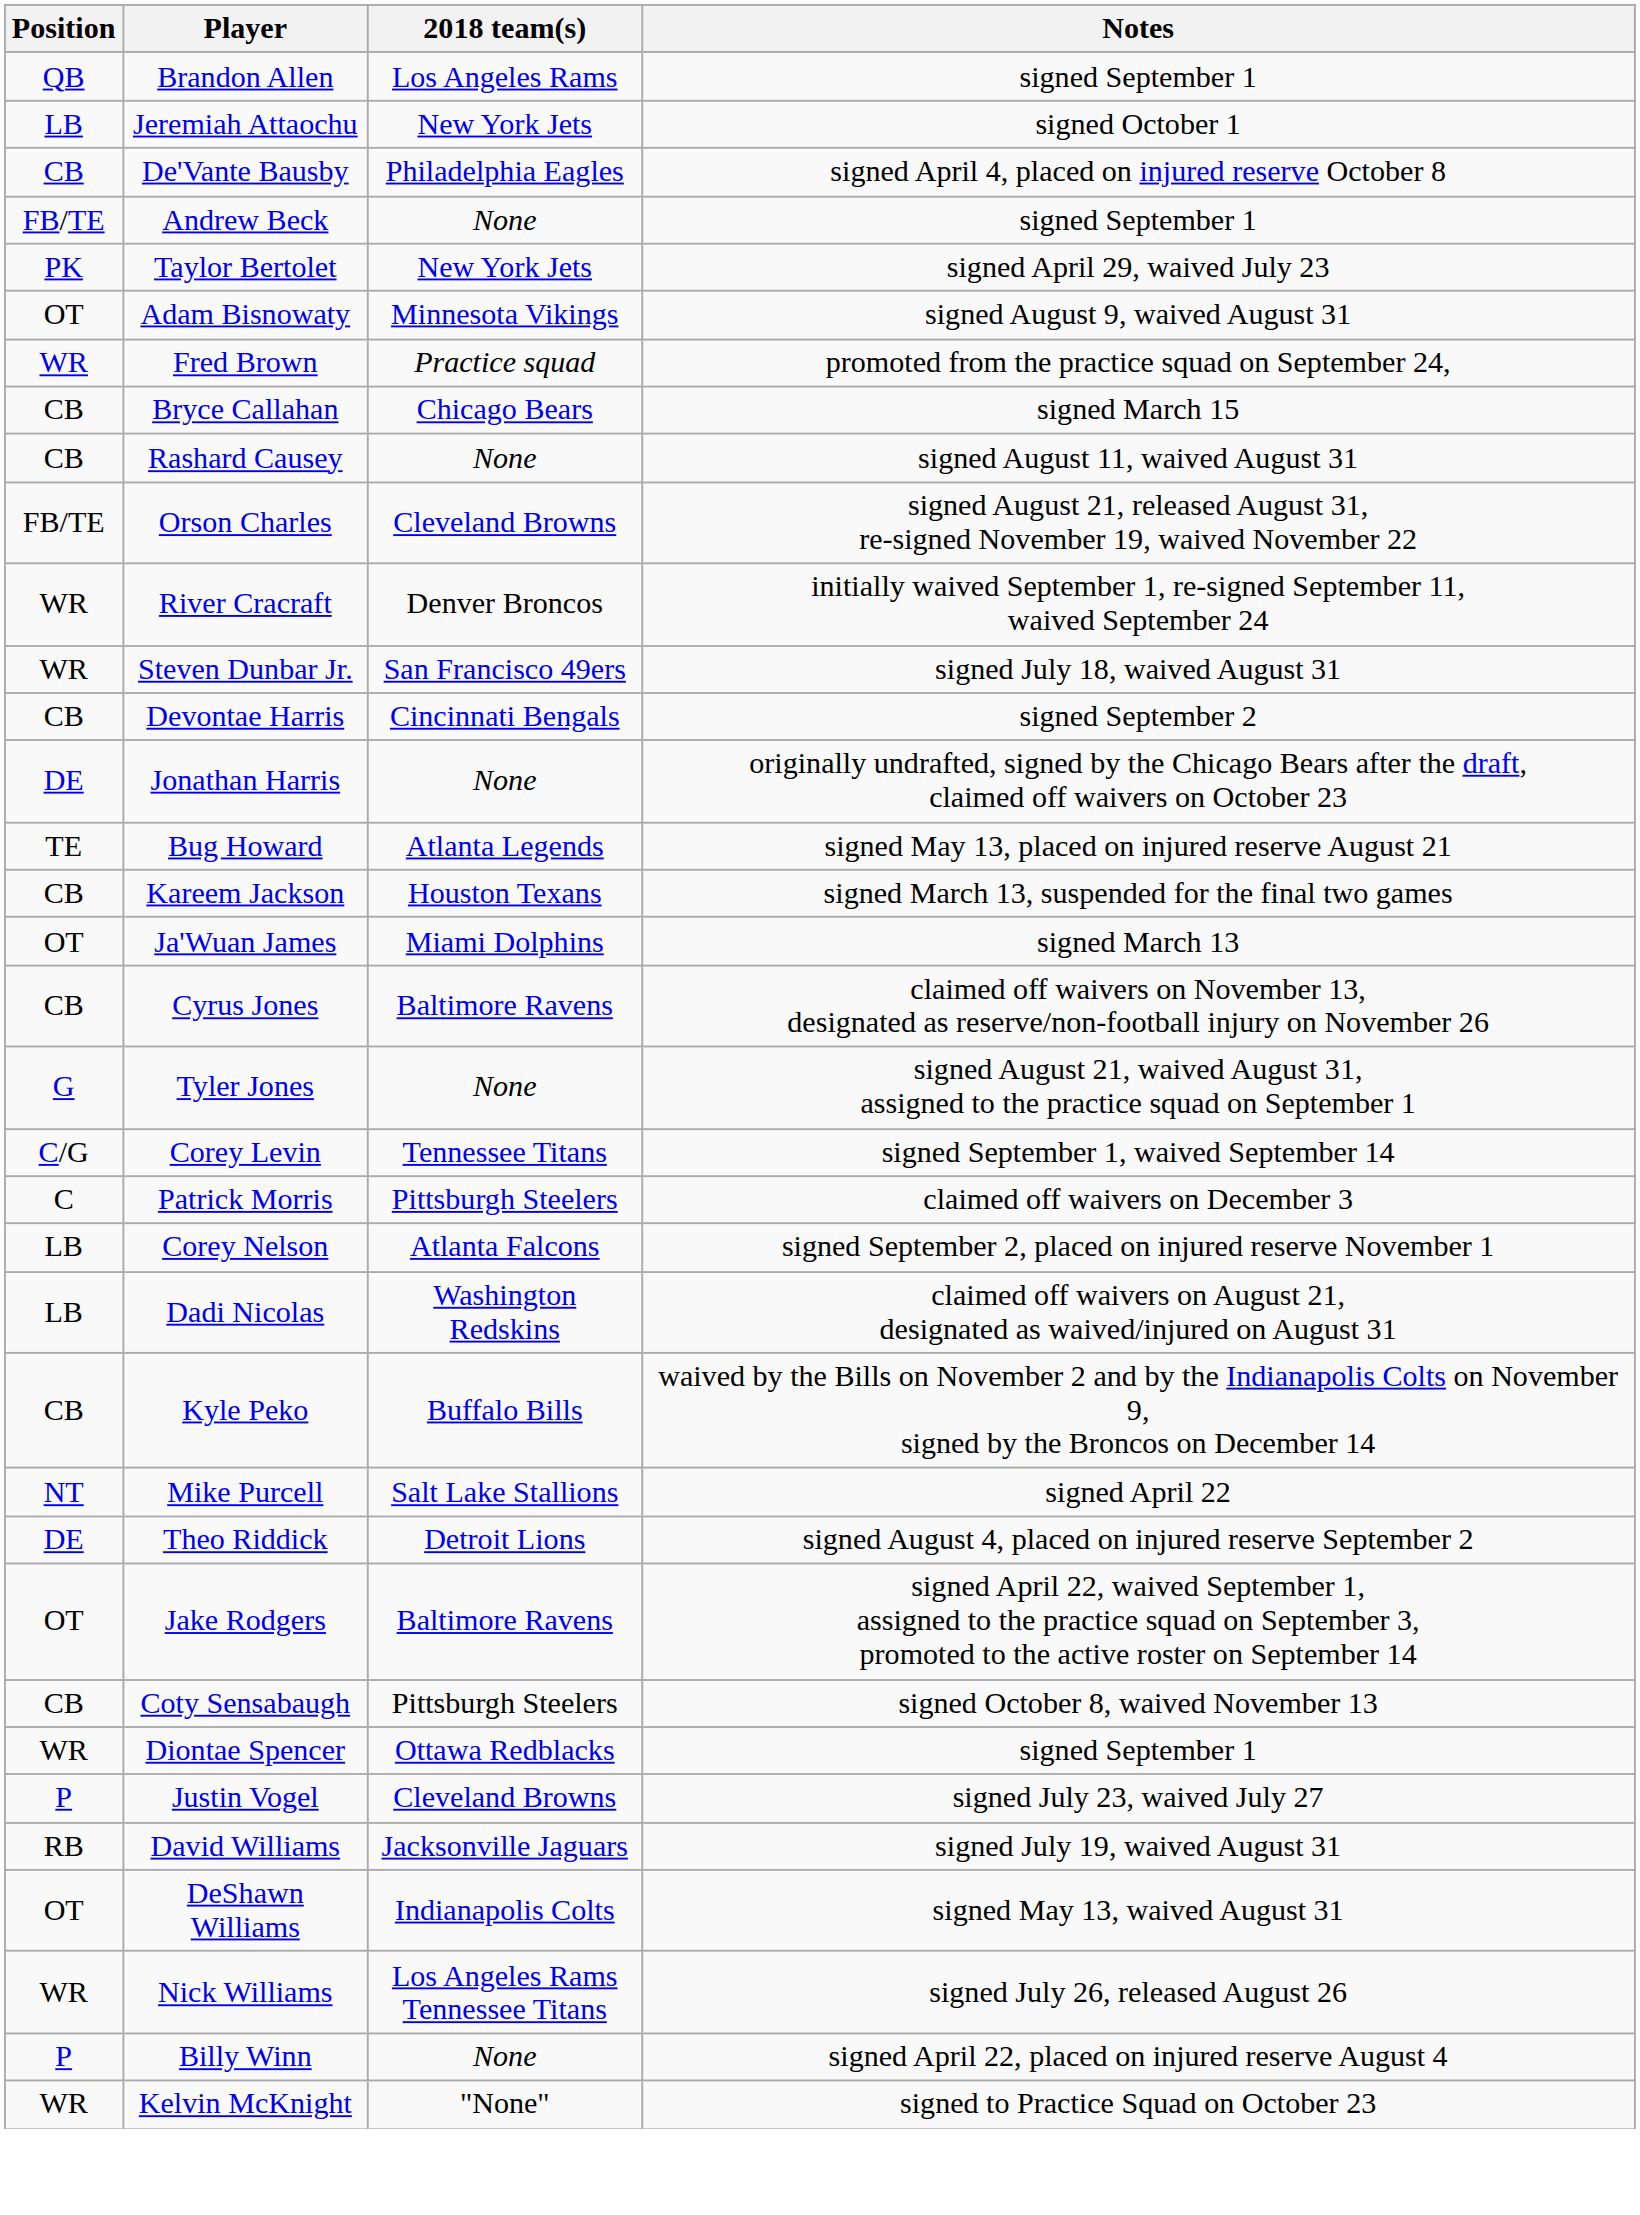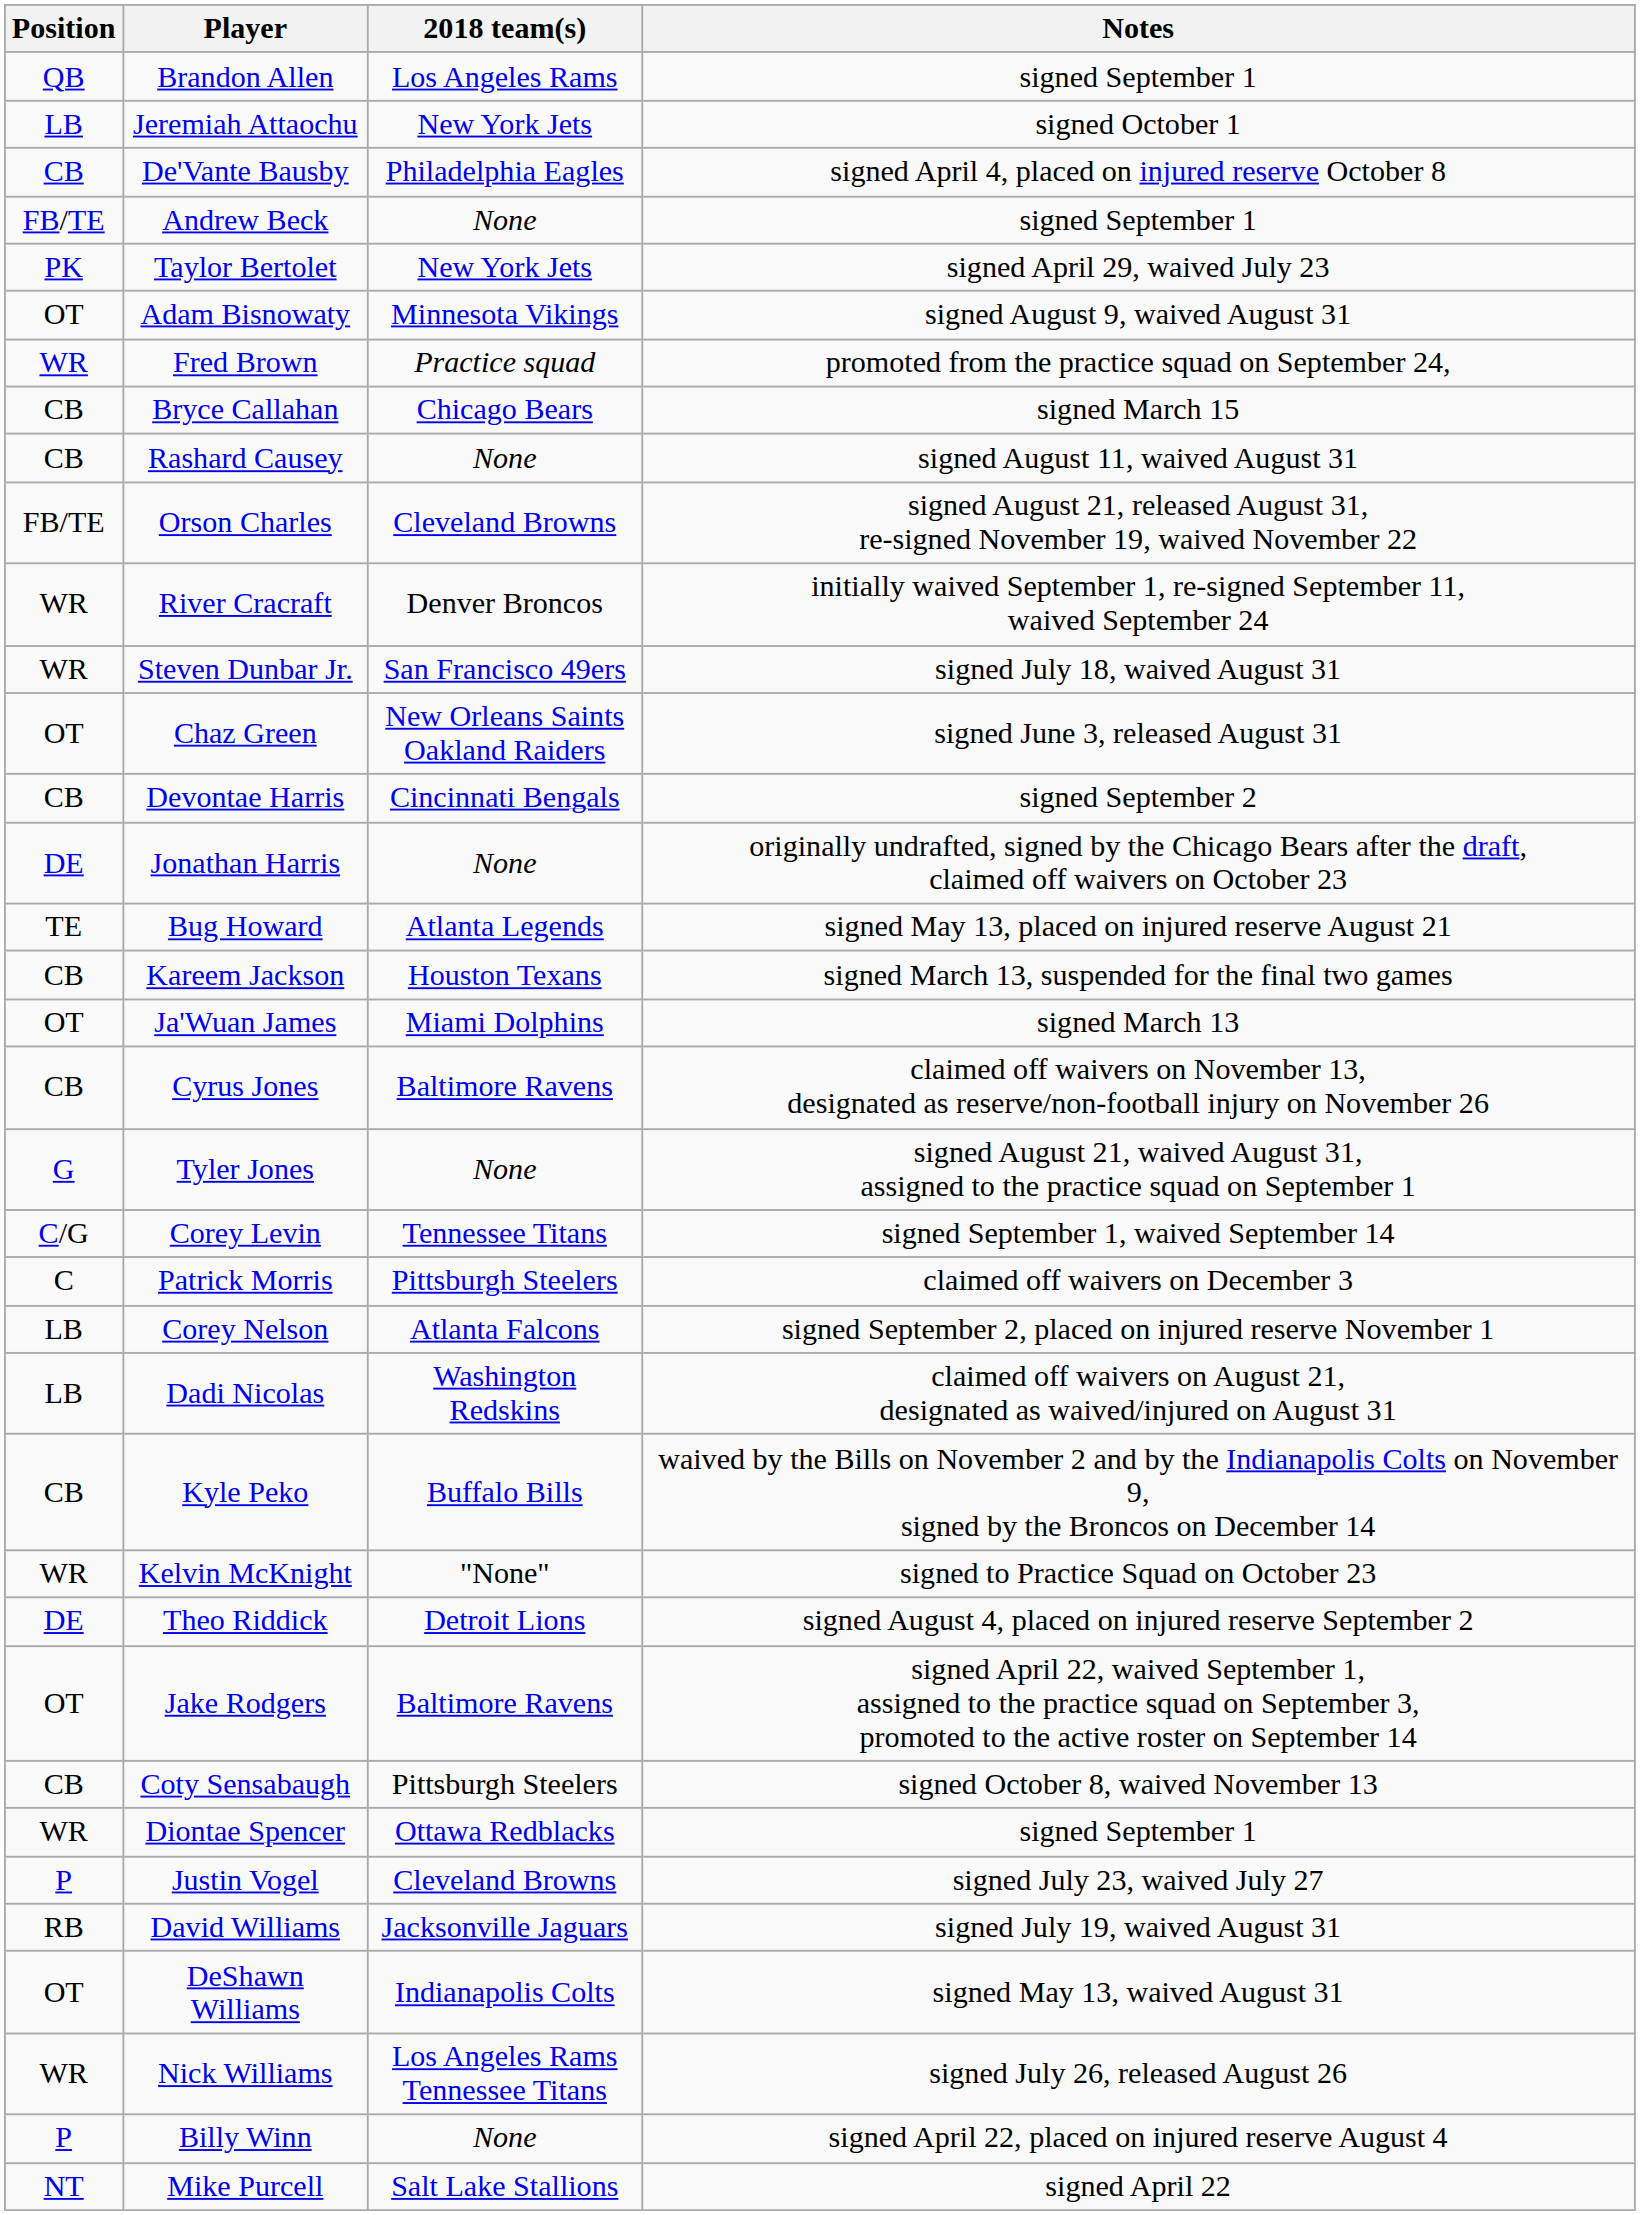 <table class="wikitable" style="text-align:center">
 <tr>
 <th>Position</th>
 <th>Player</th>
 <th>2018 team(s)</th>
 <th>Notes</th>
 </tr>
 <tr>
 <td><a href='#'>QB</a></td>
 <td><a href='#'>Brandon Allen</a></td>
 <td><a href='#'>Los Angeles Rams</a></td>
 <td>signed September 1</td>
 </tr>
 <tr>
 <td><a href='#'>LB</a></td>
 <td><a href='#'>Jeremiah Attaochu</a></td>
 <td><a href='#'>New York Jets</a></td>
 <td>signed October 1</td>
 </tr>
 <tr>
 <td><a href='#'>CB</a></td>
 <td><a href='#'>De'Vante Bausby</a></td>
 <td><a href='#'>Philadelphia Eagles</a></td>
 <td>signed April 4, placed on <a href='#'>injured reserve</a> October 8</td>
 </tr>
 <tr>
 <td><a href='#'>FB</a>/<a href='#'>TE</a></td>
 <td><a href='#'>Andrew Beck</a></td>
 <td><em>None</em></td>
 <td>signed September 1</td>
 </tr>
 <tr>
 <td><a href='#'>PK</a></td>
 <td><a href='#'>Taylor Bertolet</a></td>
 <td><a href='#'>New York Jets</a></td>
 <td>signed April 29, waived July 23</td>
 </tr>
 <tr>
 <td>OT</td>
 <td><a href='#'>Adam Bisnowaty</a></td>
 <td><a href='#'>Minnesota Vikings</a></td>
 <td>signed August 9, waived August 31</td>
 </tr>
 <tr>
 <td><a href='#'>WR</a></td>
 <td><a href='#'>Fred Brown</a></td>
 <td><em>Practice squad</em></td>
 <td>promoted from the practice squad on September 24,</td>
 </tr>
 <tr>
 <td>CB</td>
 <td><a href='#'>Bryce Callahan</a></td>
 <td><a href='#'>Chicago Bears</a></td>
 <td>signed March 15</td>
 </tr>
 <tr>
 <td>CB</td>
 <td><a href='#'>Rashard Causey</a></td>
 <td><em>None</em></td>
 <td>signed August 11, waived August 31</td>
 </tr>
 <tr>
 <td>FB/TE</td>
 <td><a href='#'>Orson Charles</a></td>
 <td><a href='#'>Cleveland Browns</a></td>
 <td>signed August 21, released August 31,<br>re-signed November 19, waived November 22</td>
 </tr>
 <tr>
 <td>WR</td>
 <td><a href='#'>River Cracraft</a></td>
 <td>Denver Broncos</td>
 <td>initially waived September 1, re-signed September 11,<br>waived September 24</td>
 </tr>
 <tr>
 <td>WR</td>
 <td><a href='#'>Steven Dunbar Jr.</a></td>
 <td><a href='#'>San Francisco 49ers</a></td>
 <td>signed July 18, waived August 31</td>
 </tr>
 <tr>
+<td>OT</td>
+<td><a href='#'>Chaz Green</a></td>
+<td><a href='#'>New Orleans Saints</a><br><a href='#'>Oakland Raiders</a></td>
+<td>signed June 3, released August 31</td>
+</tr>
+<tr>
 <td>CB</td>
 <td><a href='#'>Devontae Harris</a></td>
 <td><a href='#'>Cincinnati Bengals</a></td>
 <td>signed September 2</td>
 </tr>
 <tr>
 <td><a href='#'>DE</a></td>
 <td><a href='#'>Jonathan Harris</a></td>
 <td><em>None</em></td>
 <td>originally undrafted, signed by the Chicago Bears after the <a href='#'>draft</a>,<br>claimed off waivers on October 23</td>
 </tr>
 <tr>
 <td>TE</td>
 <td><a href='#'>Bug Howard</a></td>
 <td><a href='#'>Atlanta Legends</a></td>
 <td>signed May 13, placed on injured reserve August 21</td>
 </tr>
 <tr>
 <td>CB</td>
 <td><a href='#'>Kareem Jackson</a></td>
 <td><a href='#'>Houston Texans</a></td>
 <td>signed March 13, suspended for the final two games</td>
 </tr>
 <tr>
 <td>OT</td>
 <td><a href='#'>Ja'Wuan James</a></td>
 <td><a href='#'>Miami Dolphins</a></td>
 <td>signed March 13</td>
 </tr>
 <tr>
 <td>CB</td>
 <td><a href='#'>Cyrus Jones</a></td>
 <td><a href='#'>Baltimore Ravens</a></td>
 <td>claimed off waivers on November 13,<br>designated as reserve/non-football injury on November 26</td>
 </tr>
 <tr>
 <td><a href='#'>G</a></td>
 <td><a href='#'>Tyler Jones</a></td>
 <td><em>None</em></td>
 <td>signed August 21, waived August 31,<br>assigned to the practice squad on September 1</td>
 </tr>
 <tr>
 <td><a href='#'>C</a>/G</td>
 <td><a href='#'>Corey Levin</a></td>
 <td><a href='#'>Tennessee Titans</a></td>
 <td>signed September 1, waived September 14</td>
 </tr>
 <tr>
 <td>C</td>
 <td><a href='#'>Patrick Morris</a></td>
 <td><a href='#'>Pittsburgh Steelers</a></td>
 <td>claimed off waivers on December 3</td>
 </tr>
 <tr>
 <td>LB</td>
 <td><a href='#'>Corey Nelson</a></td>
 <td><a href='#'>Atlanta Falcons</a></td>
 <td>signed September 2, placed on injured reserve November 1</td>
 </tr>
 <tr>
 <td>LB</td>
 <td><a href='#'>Dadi Nicolas</a></td>
 <td><a href='#'>Washington Redskins</a></td>
 <td>claimed off waivers on August 21,<br> designated as waived/injured on August 31</td>
 </tr>
 <tr>
 <td>CB</td>
 <td><a href='#'>Kyle Peko</a></td>
 <td><a href='#'>Buffalo Bills</a></td>
 <td>waived by the Bills on November 2 and by the <a href='#'>Indianapolis Colts</a> on November 9,<br>signed by the Broncos on December 14</td>
 </tr>
 <tr>
-<td><a href='#'>NT</a></td>
-<td><a href='#'>Mike Purcell</a></td>
-<td><a href='#'>Salt Lake Stallions</a></td>
-<td>signed April 22</td>
+<td>WR</td>
+<td><a href='#'>Kelvin McKnight</a></td>
+<td>"None"</td>
+<td>signed to Practice Squad on October 23</td>
 </tr>
 <tr>
 <td><a href='#'>DE</a></td>
 <td><a href='#'>Theo Riddick</a></td>
 <td><a href='#'>Detroit Lions</a></td>
 <td>signed August 4, placed on injured reserve September 2</td>
 </tr>
 <tr>
 <td>OT</td>
 <td><a href='#'>Jake Rodgers</a></td>
 <td><a href='#'>Baltimore Ravens</a></td>
 <td>signed April 22, waived September 1,<br>assigned to the practice squad on September 3,<br>promoted to the active roster on September 14</td>
 </tr>
 <tr>
 <td>CB</td>
 <td><a href='#'>Coty Sensabaugh</a></td>
 <td>Pittsburgh Steelers</td>
 <td>signed October 8, waived November 13</td>
 </tr>
 <tr>
 <td>WR</td>
 <td><a href='#'>Diontae Spencer</a></td>
 <td><a href='#'>Ottawa Redblacks</a></td>
 <td>signed September 1</td>
 </tr>
 <tr>
 <td><a href='#'>P</a></td>
 <td><a href='#'>Justin Vogel</a></td>
 <td><a href='#'>Cleveland Browns</a></td>
 <td>signed July 23, waived July 27</td>
 </tr>
 <tr>
 <td>RB</td>
 <td><a href='#'>David Williams</a></td>
 <td><a href='#'>Jacksonville Jaguars</a></td>
 <td>signed July 19, waived August 31</td>
 </tr>
 <tr>
 <td>OT</td>
 <td><a href='#'>DeShawn Williams</a></td>
 <td><a href='#'>Indianapolis Colts</a></td>
 <td>signed May 13, waived August 31</td>
 </tr>
 <tr>
 <td>WR</td>
 <td><a href='#'>Nick Williams</a></td>
 <td><a href='#'>Los Angeles Rams</a><br><a href='#'>Tennessee Titans</a></td>
 <td>signed July 26, released August 26</td>
 </tr>
 <tr>
 <td><a href='#'>P</a></td>
 <td><a href='#'>Billy Winn</a></td>
 <td><em>None</em></td>
 <td>signed April 22, placed on injured reserve August 4</td>
 </tr>
 <tr>
-<td>WR</td>
-<td><a href='#'>Kelvin McKnight</a></td>
-<td>"None"</td>
-<td>signed to Practice Squad on October 23</td>
+<td><a href='#'>NT</a></td>
+<td><a href='#'>Mike Purcell</a></td>
+<td><a href='#'>Salt Lake Stallions</a></td>
+<td>signed April 22</td>
 </tr>
 </table>
